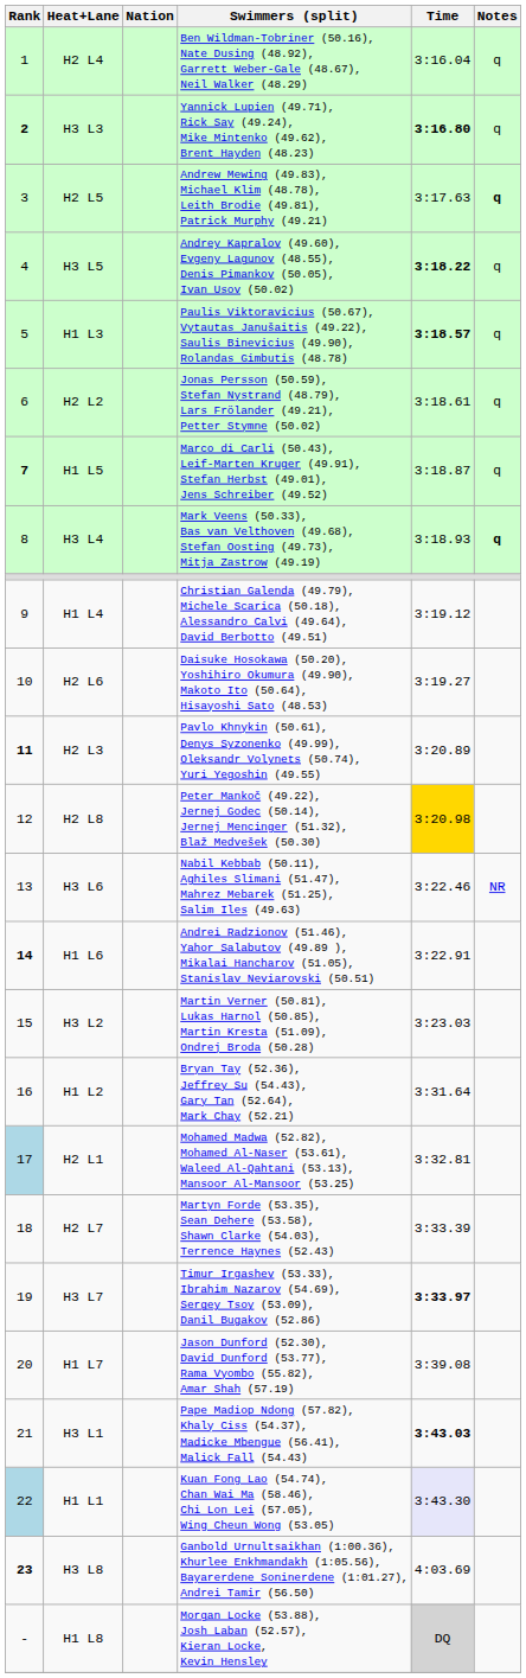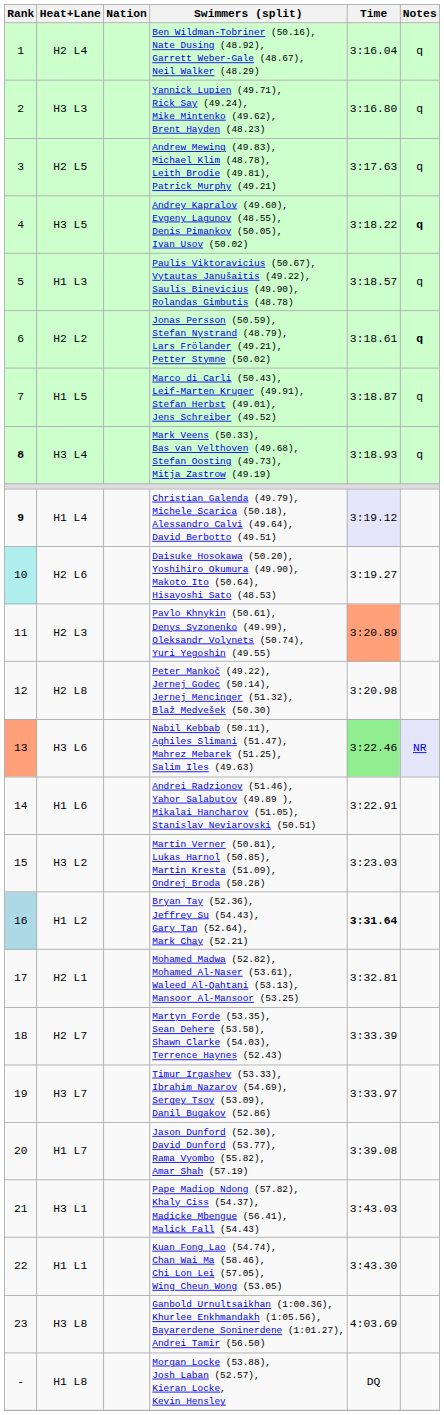 <table class="wikitable sortable" style="text-align:center">
 <tr>
 <th>Rank</th>
 <th>Heat+Lane</th>
 <th>Nation</th>
 <th>Swimmers (split)</th>
 <th>Time</th>
 <th>Notes</th>
 </tr>
 <tr bgcolor=ccffcc>
 <td>1</td>
 <td>H2 L4</td>
 <td align=left></td>
 <td align=left><small> <a href='#'>Ben Wildman-Tobriner</a> (50.16),<br> <a href='#'>Nate Dusing</a> (48.92),<br> <a href='#'>Garrett Weber-Gale</a> (48.67),<br> <a href='#'>Neil Walker</a> (48.29) </small></td>
 <td>3:16.04</td>
 <td>q</td>
 </tr>
 <tr bgcolor=ccffcc>
-<td><strong>2</strong></td>
+<td>2</td>
 <td>H3 L3</td>
 <td align=left></td>
 <td align=left><small> <a href='#'>Yannick Lupien</a> (49.71),<br> <a href='#'>Rick Say</a> (49.24),<br> <a href='#'>Mike Mintenko</a> (49.62),<br> <a href='#'>Brent Hayden</a> (48.23) </small></td>
-<td><strong>3:16.80</strong></td>
+<td>3:16.80</td>
 <td>q</td>
 </tr>
 <tr bgcolor=ccffcc>
 <td>3</td>
 <td>H2 L5</td>
 <td align=left></td>
 <td align=left><small> <a href='#'>Andrew Mewing</a> (49.83),<br> <a href='#'>Michael Klim</a> (48.78),<br> <a href='#'>Leith Brodie</a> (49.81),<br> <a href='#'>Patrick Murphy</a> (49.21) </small></td>
 <td>3:17.63</td>
-<td><strong>q</strong></td>
+<td>q</td>
 </tr>
 <tr bgcolor=ccffcc>
 <td>4</td>
 <td>H3 L5</td>
 <td align=left></td>
 <td align=left><small> <a href='#'>Andrey Kapralov</a> (49.60),<br> <a href='#'>Evgeny Lagunov</a> (48.55),<br> <a href='#'>Denis Pimankov</a> (50.05),<br> <a href='#'>Ivan Usov</a> (50.02) </small></td>
-<td><strong>3:18.22</strong></td>
-<td>q</td>
+<td>3:18.22</td>
+<td><strong>q</strong></td>
 </tr>
 <tr bgcolor=ccffcc>
 <td>5</td>
 <td>H1 L3</td>
 <td align=left></td>
 <td align=left><small> <a href='#'>Paulis Viktoravicius</a> (50.67),<br> <a href='#'>Vytautas Janušaitis</a> (49.22),<br> <a href='#'>Saulis Binevicius</a> (49.90),<br> <a href='#'>Rolandas Gimbutis</a> (48.78) </small></td>
-<td><strong>3:18.57</strong></td>
+<td>3:18.57</td>
 <td>q</td>
 </tr>
 <tr bgcolor=ccffcc>
 <td>6</td>
 <td>H2 L2</td>
 <td align=left></td>
 <td align=left><small> <a href='#'>Jonas Persson</a> (50.59),<br> <a href='#'>Stefan Nystrand</a> (48.79),<br> <a href='#'>Lars Frölander</a> (49.21),<br> <a href='#'>Petter Stymne</a> (50.02) </small></td>
 <td>3:18.61</td>
-<td>q</td>
+<td><strong>q</strong></td>
 </tr>
 <tr bgcolor=ccffcc>
-<td><strong>7</strong></td>
+<td>7</td>
 <td>H1 L5</td>
 <td align=left></td>
 <td align=left><small> <a href='#'>Marco di Carli</a> (50.43),<br> <a href='#'>Leif-Marten Kruger</a> (49.91),<br> <a href='#'>Stefan Herbst</a> (49.01),<br> <a href='#'>Jens Schreiber</a> (49.52) </small></td>
 <td>3:18.87</td>
 <td>q</td>
 </tr>
 <tr bgcolor=ccffcc>
-<td>8</td>
+<td><strong>8</strong></td>
 <td>H3 L4</td>
 <td align=left></td>
 <td align=left><small> <a href='#'>Mark Veens</a> (50.33),<br> <a href='#'>Bas van Velthoven</a> (49.68),<br> <a href='#'>Stefan Oosting</a> (49.73),<br> <a href='#'>Mitja Zastrow</a> (49.19) </small></td>
 <td>3:18.93</td>
-<td><strong>q</strong></td>
+<td>q</td>
 </tr>
 <tr bgcolor=#DDDDDD>
 <td colspan=6></td>
 </tr>
 <tr>
-<td>9</td>
+<td><strong>9</strong></td>
 <td>H1 L4</td>
 <td align=left></td>
 <td align=left><small> <a href='#'>Christian Galenda</a> (49.79),<br> <a href='#'>Michele Scarica</a> (50.18),<br> <a href='#'>Alessandro Calvi</a> (49.64),<br> <a href='#'>David Berbotto</a> (49.51) </small></td>
-<td>3:19.12</td>
+<td style="background: lavender;">3:19.12</td>
 <td></td>
 </tr>
 <tr>
-<td>10</td>
+<td style="background: paleturquoise;">10</td>
 <td>H2 L6</td>
 <td align=left></td>
 <td align=left><small> <a href='#'>Daisuke Hosokawa</a> (50.20),<br> <a href='#'>Yoshihiro Okumura</a> (49.90),<br> <a href='#'>Makoto Ito</a> (50.64),<br> <a href='#'>Hisayoshi Sato</a> (48.53) </small></td>
 <td>3:19.27</td>
 <td></td>
 </tr>
 <tr>
-<td><strong>11</strong></td>
+<td>11</td>
 <td>H2 L3</td>
 <td align=left></td>
 <td align=left><small> <a href='#'>Pavlo Khnykin</a> (50.61),<br> <a href='#'>Denys Syzonenko</a> (49.99),<br> <a href='#'>Oleksandr Volynets</a> (50.74),<br> <a href='#'>Yuri Yegoshin</a> (49.55) </small></td>
-<td>3:20.89</td>
+<td style="background: lightsalmon;">3:20.89</td>
 <td></td>
 </tr>
 <tr>
 <td>12</td>
 <td>H2 L8</td>
 <td align=left></td>
 <td align=left><small> <a href='#'>Peter Mankoč</a> (49.22),<br> <a href='#'>Jernej Godec</a> (50.14),<br> <a href='#'>Jernej Mencinger</a> (51.32),<br> <a href='#'>Blaž Medvešek</a> (50.30) </small></td>
-<td style="background: gold;">3:20.98</td>
+<td>3:20.98</td>
 <td></td>
 </tr>
 <tr>
-<td>13</td>
+<td style="background: lightsalmon;">13</td>
 <td>H3 L6</td>
 <td align=left></td>
 <td align=left><small> <a href='#'>Nabil Kebbab</a> (50.11),<br> <a href='#'>Aghiles Slimani</a> (51.47),<br> <a href='#'>Mahrez Mebarek</a> (51.25),<br> <a href='#'>Salim Iles</a> (49.63) </small></td>
-<td>3:22.46</td>
-<td><a href='#'>NR</a></td>
+<td style="background: lightgreen;">3:22.46</td>
+<td style="background: lavender;"><a href='#'>NR</a></td>
 </tr>
 <tr>
-<td><strong>14</strong></td>
+<td>14</td>
 <td>H1 L6</td>
 <td align=left></td>
 <td align=left><small> <a href='#'>Andrei Radzionov</a> (51.46),<br> <a href='#'>Yahor Salabutov</a> (49.89 ),<br> <a href='#'>Mikalai Hancharov</a> (51.05),<br> <a href='#'>Stanislav Neviarovski</a> (50.51) </small></td>
 <td>3:22.91</td>
 <td></td>
 </tr>
 <tr>
 <td>15</td>
 <td>H3 L2</td>
 <td align=left></td>
 <td align=left><small> <a href='#'>Martin Verner</a> (50.81),<br> <a href='#'>Lukas Harnol</a> (50.85),<br> <a href='#'>Martin Kresta</a> (51.09),<br> <a href='#'>Ondrej Broda</a> (50.28) </small></td>
 <td>3:23.03</td>
 <td></td>
 </tr>
 <tr>
-<td>16</td>
+<td style="background: lightblue;">16</td>
 <td>H1 L2</td>
 <td align=left></td>
 <td align=left><small> <a href='#'>Bryan Tay</a> (52.36),<br> <a href='#'>Jeffrey Su</a> (54.43),<br> <a href='#'>Gary Tan</a> (52.64),<br> <a href='#'>Mark Chay</a> (52.21) </small></td>
-<td>3:31.64</td>
+<td><strong>3:31.64</strong></td>
 <td></td>
 </tr>
 <tr>
-<td style="background: lightblue;">17</td>
+<td>17</td>
 <td>H2 L1</td>
 <td align=left></td>
 <td align=left><small> <a href='#'>Mohamed Madwa</a> (52.82),<br> <a href='#'>Mohamed Al-Naser</a> (53.61),<br> <a href='#'>Waleed Al-Qahtani</a> (53.13),<br> <a href='#'>Mansoor Al-Mansoor</a> (53.25) </small></td>
 <td>3:32.81</td>
 <td></td>
 </tr>
 <tr>
 <td>18</td>
 <td>H2 L7</td>
 <td align=left></td>
 <td align=left><small> <a href='#'>Martyn Forde</a> (53.35),<br> <a href='#'>Sean Dehere</a> (53.58),<br> <a href='#'>Shawn Clarke</a> (54.03),<br> <a href='#'>Terrence Haynes</a> (52.43) </small></td>
 <td>3:33.39</td>
 <td></td>
 </tr>
 <tr>
 <td>19</td>
 <td>H3 L7</td>
 <td align=left></td>
 <td align=left><small> <a href='#'>Timur Irgashev</a> (53.33),<br> <a href='#'>Ibrahim Nazarov</a> (54.69),<br> <a href='#'>Sergey Tsoy</a> (53.09),<br> <a href='#'>Danil Bugakov</a> (52.86) </small></td>
-<td><strong>3:33.97</strong></td>
+<td>3:33.97</td>
 <td></td>
 </tr>
 <tr>
 <td>20</td>
 <td>H1 L7</td>
 <td align=left></td>
 <td align=left><small> <a href='#'>Jason Dunford</a> (52.30),<br> <a href='#'>David Dunford</a> (53.77),<br> <a href='#'>Rama Vyombo</a> (55.82),<br> <a href='#'>Amar Shah</a> (57.19) </small></td>
 <td>3:39.08</td>
 <td></td>
 </tr>
 <tr>
 <td>21</td>
 <td>H3 L1</td>
 <td align=left></td>
 <td align=left><small> <a href='#'>Pape Madiop Ndong</a> (57.82),<br> <a href='#'>Khaly Ciss</a> (54.37),<br> <a href='#'>Madicke Mbengue</a> (56.41),<br> <a href='#'>Malick Fall</a> (54.43) </small></td>
-<td><strong>3:43.03</strong></td>
+<td>3:43.03</td>
 <td></td>
 </tr>
 <tr>
-<td style="background: lightblue;">22</td>
+<td>22</td>
 <td>H1 L1</td>
 <td align=left></td>
 <td align=left><small> <a href='#'>Kuan Fong Lao</a> (54.74),<br> <a href='#'>Chan Wai Ma</a> (58.46),<br> <a href='#'>Chi Lon Lei</a> (57.05),<br> <a href='#'>Wing Cheun Wong</a> (53.05) </small></td>
-<td style="background: lavender;">3:43.30</td>
+<td>3:43.30</td>
 <td></td>
 </tr>
 <tr>
-<td><strong>23</strong></td>
+<td>23</td>
 <td>H3 L8</td>
 <td align=left></td>
 <td align=left><small> <a href='#'>Ganbold Urnultsaikhan</a> (1:00.36),<br> <a href='#'>Khurlee Enkhmandakh</a> (1:05.56),<br> <a href='#'>Bayarerdene Soninerdene</a> (1:01.27),<br> <a href='#'>Andrei Tamir</a> (56.50) </small></td>
 <td>4:03.69</td>
 <td></td>
 </tr>
 <tr>
 <td>-</td>
 <td>H1 L8</td>
 <td align=left></td>
 <td align=left><small> <a href='#'>Morgan Locke</a> (53.88),<br> <a href='#'>Josh Laban</a> (52.57),<br> <a href='#'>Kieran Locke</a>,<br> <a href='#'>Kevin Hensley</a> </small></td>
-<td style="background: lightgrey;">DQ</td>
+<td>DQ</td>
 <td></td>
 </tr>
 <tr>
 </tr>
 </table>
